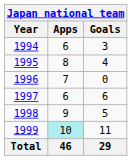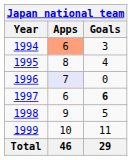 <table class="wikitable" style="text-align:center">
 <tr>
 <th colspan=3><a href='#'>Japan national team</a></th>
 </tr>
 <tr>
 <th>Year</th>
 <th>Apps</th>
 <th>Goals</th>
 </tr>
 <tr>
 <td><a href='#'>1994</a></td>
-<td>6</td>
+<td style="background: lightsalmon;">6</td>
 <td>3</td>
 </tr>
 <tr>
 <td><a href='#'>1995</a></td>
 <td>8</td>
 <td>4</td>
 </tr>
 <tr>
 <td><a href='#'>1996</a></td>
-<td>7</td>
+<td style="background: lavender;">7</td>
 <td>0</td>
 </tr>
 <tr>
 <td><a href='#'>1997</a></td>
 <td>6</td>
-<td>6</td>
+<td><strong>6</strong></td>
 </tr>
 <tr>
 <td><a href='#'>1998</a></td>
 <td>9</td>
 <td>5</td>
 </tr>
 <tr>
 <td><a href='#'>1999</a></td>
-<td style="background: paleturquoise;">10</td>
+<td>10</td>
 <td>11</td>
 </tr>
 <tr>
 <th>Total</th>
 <th>46</th>
 <th>29</th>
 </tr>
 </table>
